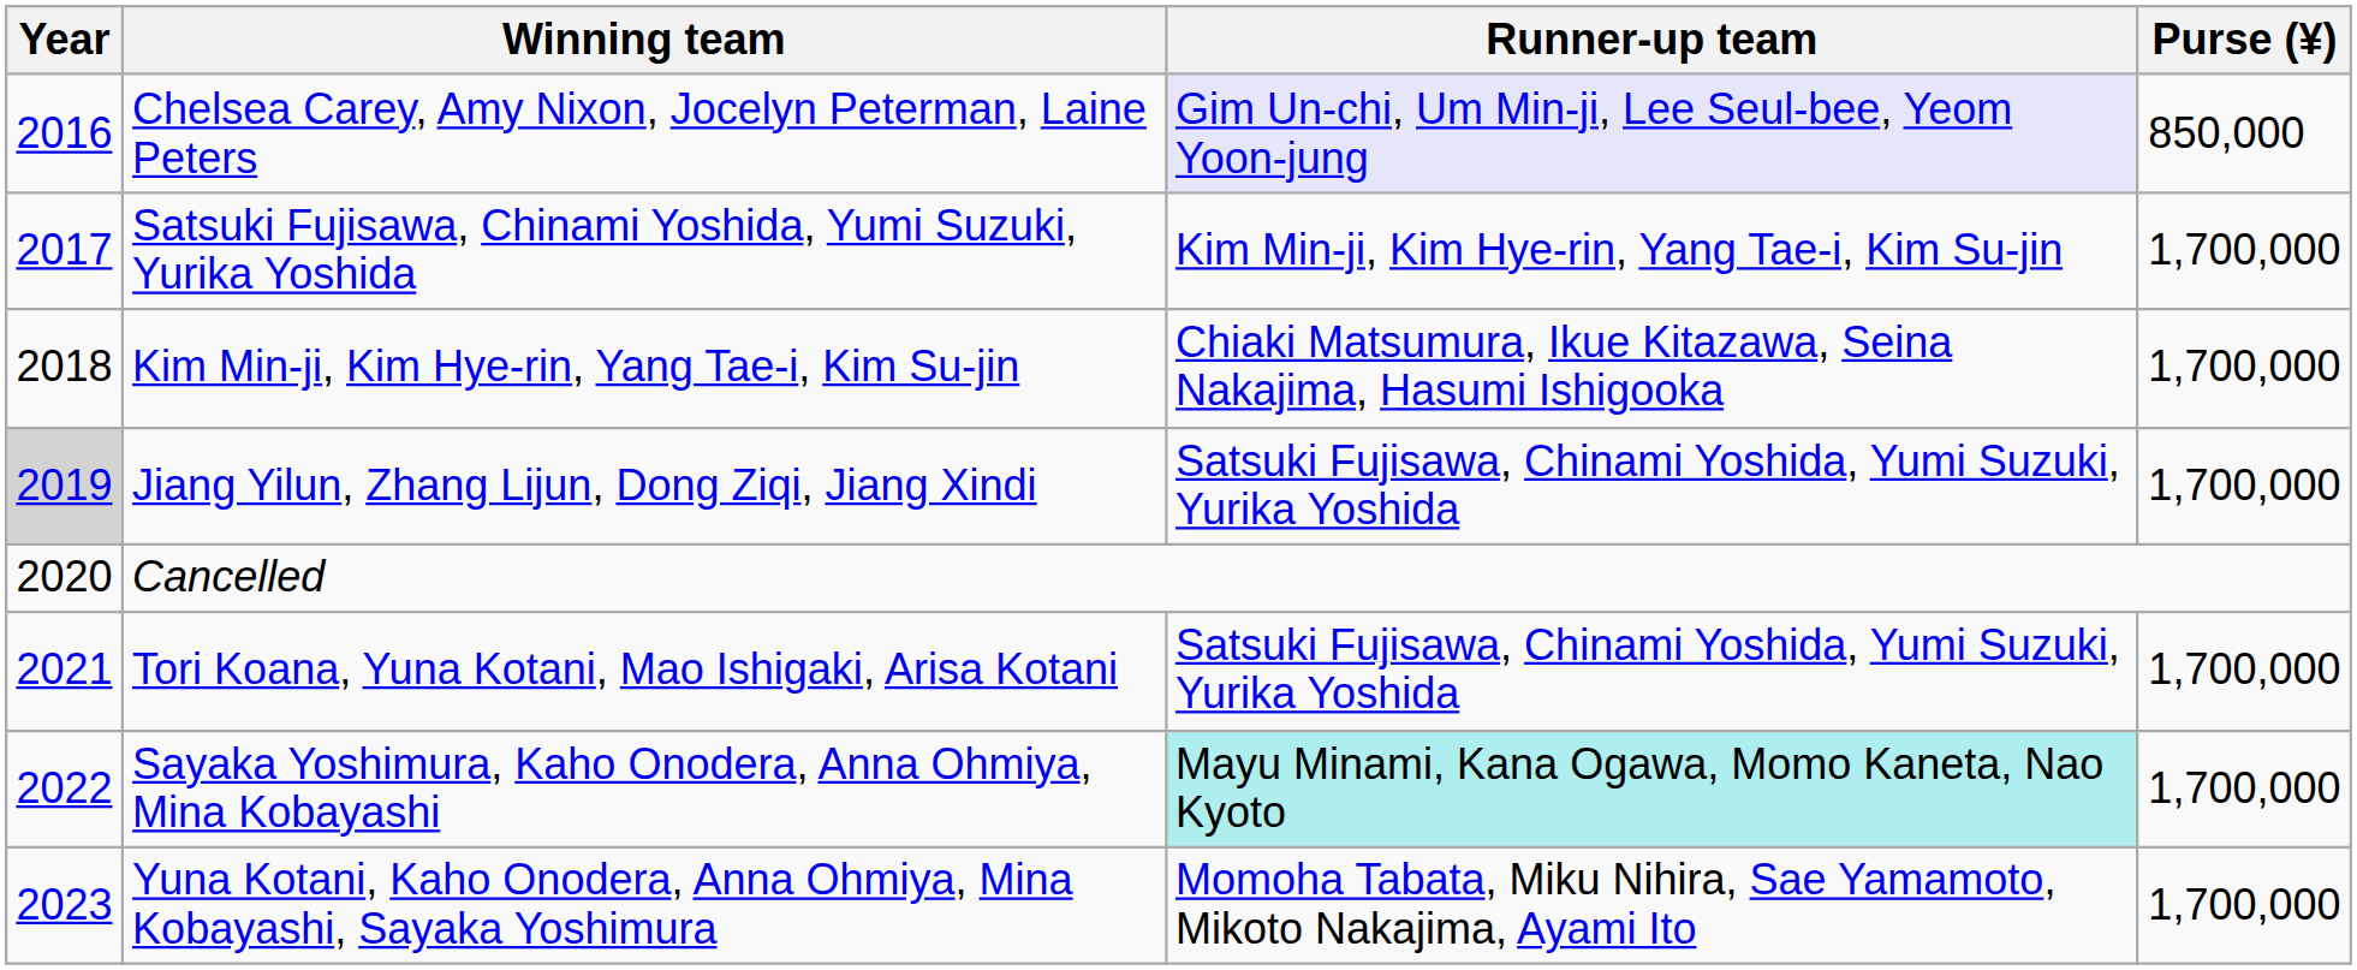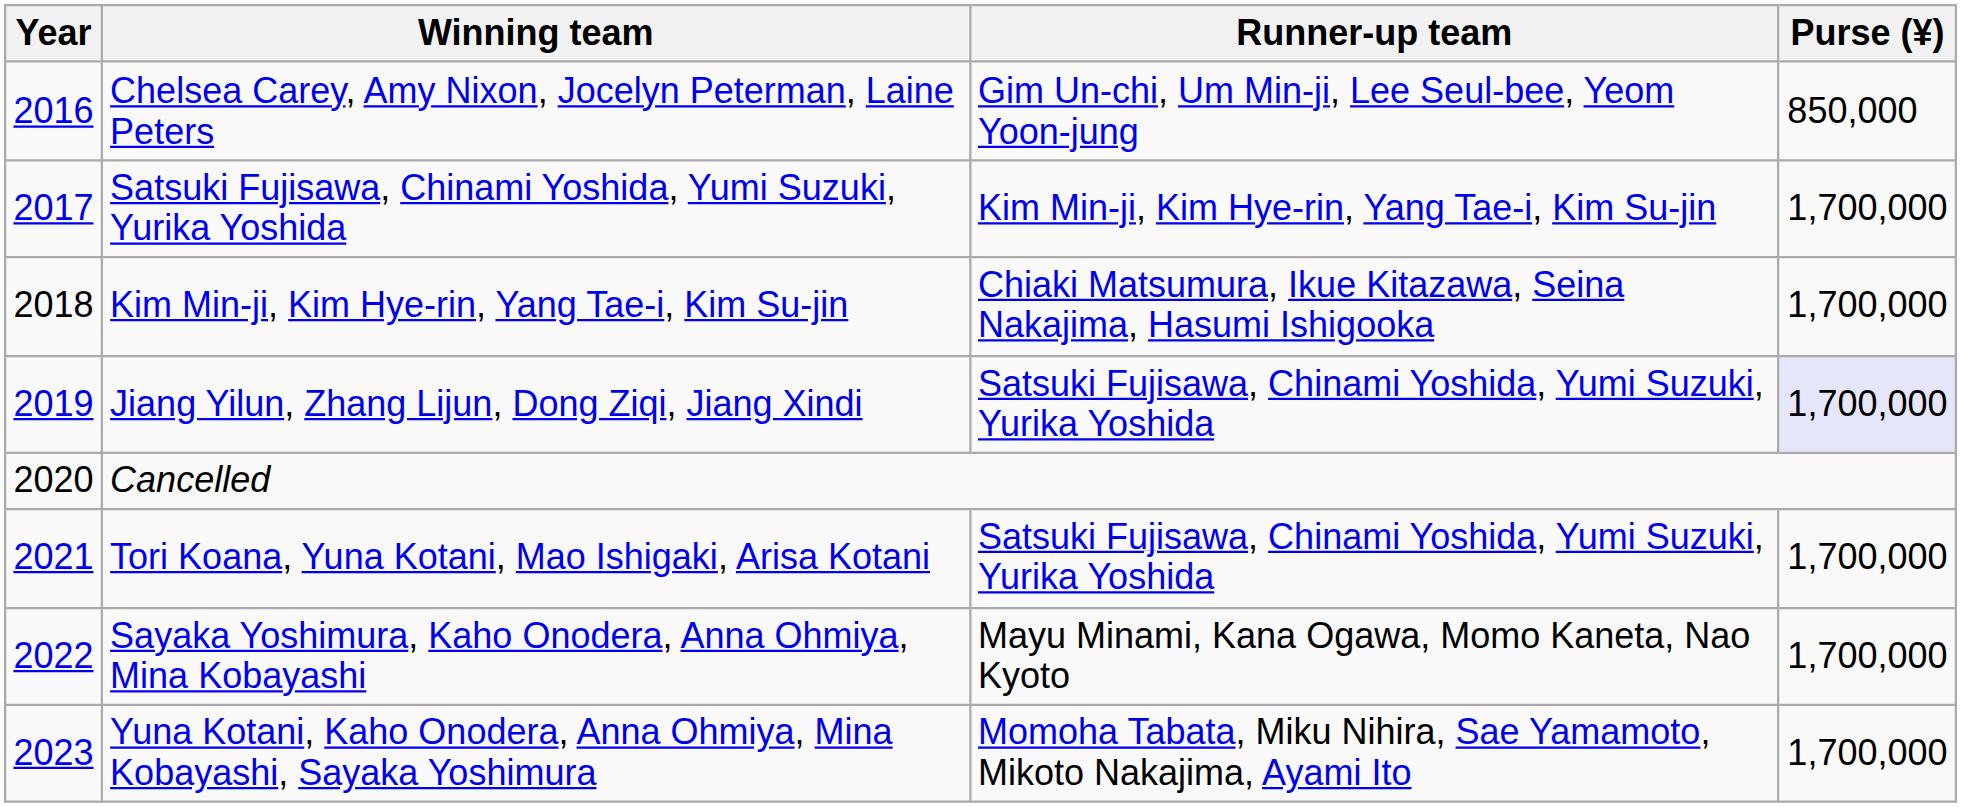 <table class="wikitable">
 <tr>
 <th scope="col">Year</th>
 <th scope="col">Winning team</th>
 <th scope="col">Runner-up team</th>
 <th scope="col">Purse (¥)</th>
 </tr>
 <tr>
 <td><a href='#'>2016</a></td>
 <td> <a href='#'>Chelsea Carey</a>, <a href='#'>Amy Nixon</a>, <a href='#'>Jocelyn Peterman</a>, <a href='#'>Laine Peters</a></td>
-<td style="background: lavender;"> <a href='#'>Gim Un-chi</a>, <a href='#'>Um Min-ji</a>, <a href='#'>Lee Seul-bee</a>, <a href='#'>Yeom Yoon-jung</a></td>
+<td> <a href='#'>Gim Un-chi</a>, <a href='#'>Um Min-ji</a>, <a href='#'>Lee Seul-bee</a>, <a href='#'>Yeom Yoon-jung</a></td>
 <td>850,000</td>
 </tr>
 <tr>
 <td><a href='#'>2017</a></td>
 <td> <a href='#'>Satsuki Fujisawa</a>, <a href='#'>Chinami Yoshida</a>, <a href='#'>Yumi Suzuki</a>, <a href='#'>Yurika Yoshida</a></td>
 <td> <a href='#'>Kim Min-ji</a>, <a href='#'>Kim Hye-rin</a>, <a href='#'>Yang Tae-i</a>, <a href='#'>Kim Su-jin</a></td>
 <td>1,700,000</td>
 </tr>
 <tr>
 <td>2018</td>
 <td> <a href='#'>Kim Min-ji</a>, <a href='#'>Kim Hye-rin</a>, <a href='#'>Yang Tae-i</a>, <a href='#'>Kim Su-jin</a></td>
 <td> <a href='#'>Chiaki Matsumura</a>, <a href='#'>Ikue Kitazawa</a>, <a href='#'>Seina Nakajima</a>, <a href='#'>Hasumi Ishigooka</a></td>
 <td>1,700,000</td>
 </tr>
 <tr>
-<td style="background: lightgrey;"><a href='#'>2019</a></td>
+<td><a href='#'>2019</a></td>
 <td> <a href='#'>Jiang Yilun</a>, <a href='#'>Zhang Lijun</a>, <a href='#'>Dong Ziqi</a>, <a href='#'>Jiang Xindi</a></td>
 <td> <a href='#'>Satsuki Fujisawa</a>, <a href='#'>Chinami Yoshida</a>, <a href='#'>Yumi Suzuki</a>, <a href='#'>Yurika Yoshida</a></td>
-<td>1,700,000</td>
+<td style="background: lavender;">1,700,000</td>
 </tr>
 <tr>
 <td>2020</td>
 <td colspan=3><em>Cancelled</em></td>
 </tr>
 <tr>
 <td><a href='#'>2021</a></td>
 <td> <a href='#'>Tori Koana</a>, <a href='#'>Yuna Kotani</a>, <a href='#'>Mao Ishigaki</a>, <a href='#'>Arisa Kotani</a></td>
 <td> <a href='#'>Satsuki Fujisawa</a>, <a href='#'>Chinami Yoshida</a>, <a href='#'>Yumi Suzuki</a>, <a href='#'>Yurika Yoshida</a></td>
 <td>1,700,000</td>
 </tr>
 <tr>
 <td><a href='#'>2022</a></td>
 <td> <a href='#'>Sayaka Yoshimura</a>, <a href='#'>Kaho Onodera</a>, <a href='#'>Anna Ohmiya</a>, <a href='#'>Mina Kobayashi</a></td>
-<td style="background: paleturquoise;"> Mayu Minami, Kana Ogawa, Momo Kaneta, Nao Kyoto</td>
+<td> Mayu Minami, Kana Ogawa, Momo Kaneta, Nao Kyoto</td>
 <td>1,700,000</td>
 </tr>
 <tr>
 <td><a href='#'>2023</a></td>
 <td> <a href='#'>Yuna Kotani</a>, <a href='#'>Kaho Onodera</a>, <a href='#'>Anna Ohmiya</a>, <a href='#'>Mina Kobayashi</a>, <a href='#'>Sayaka Yoshimura</a></td>
 <td> <a href='#'>Momoha Tabata</a>, Miku Nihira, <a href='#'>Sae Yamamoto</a>, Mikoto Nakajima, <a href='#'>Ayami Ito</a></td>
 <td>1,700,000</td>
 </tr>
 </table>
